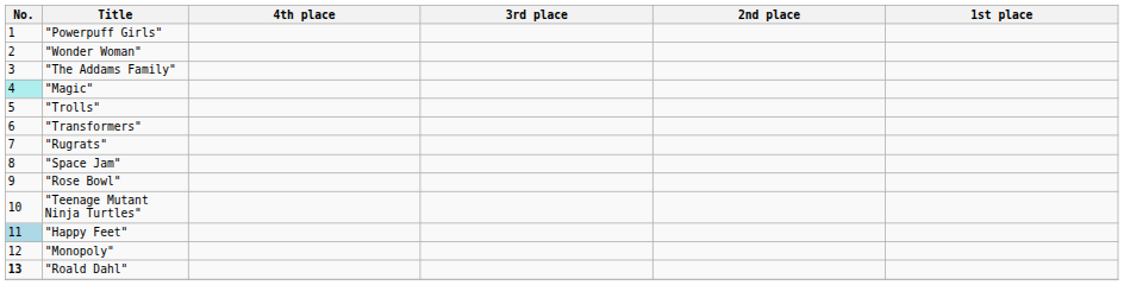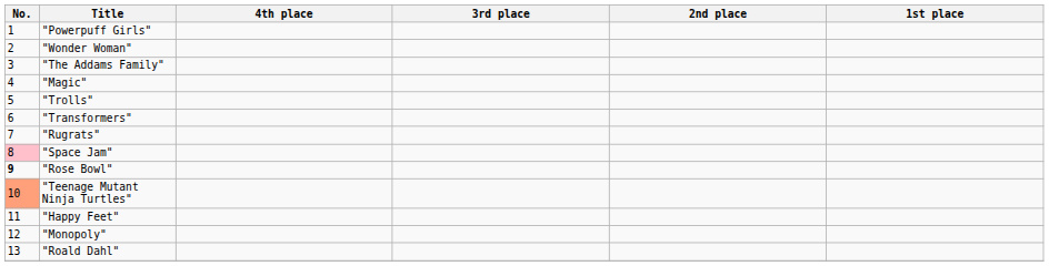 <table class="wikitable plainrowheaders" style="width:100%;">
 <tr>
 <th width=2%>No.</th>
 <th width=8%>Title</th>
 <th width=14%>4th place</th>
 <th width=14%>3rd place</th>
 <th width=14%>2nd place</th>
 <th width=14%>1st place</th>
 </tr>
 <tr>
 <td>1</td>
 <td>"Powerpuff Girls"</td>
 <td></td>
 <td></td>
 <td></td>
 <td></td>
 </tr>
 <tr>
 <td>2</td>
 <td>"Wonder Woman"</td>
 <td></td>
 <td></td>
 <td></td>
 <td></td>
 </tr>
 <tr>
 <td>3</td>
 <td>"The Addams Family"</td>
 <td></td>
 <td></td>
 <td></td>
 <td></td>
 </tr>
 <tr>
-<td style="background: paleturquoise;">4</td>
+<td>4</td>
 <td>"Magic"</td>
 <td></td>
 <td></td>
 <td></td>
 <td></td>
 </tr>
 <tr>
 <td>5</td>
 <td>"Trolls"</td>
 <td></td>
 <td></td>
 <td></td>
 <td></td>
 </tr>
 <tr>
 <td>6</td>
 <td>"Transformers"</td>
 <td></td>
 <td></td>
 <td></td>
 <td></td>
 </tr>
 <tr>
 <td>7</td>
 <td>"Rugrats"</td>
 <td></td>
 <td></td>
 <td></td>
 <td></td>
 </tr>
 <tr>
-<td>8</td>
+<td style="background: pink;">8</td>
 <td>"Space Jam"</td>
 <td></td>
 <td></td>
 <td></td>
 <td></td>
 </tr>
 <tr>
-<td>9</td>
+<td><strong>9</strong></td>
 <td>"Rose Bowl"</td>
 <td></td>
 <td></td>
 <td></td>
 <td></td>
 </tr>
 <tr>
-<td>10</td>
+<td style="background: lightsalmon;">10</td>
 <td>"Teenage Mutant Ninja Turtles"</td>
 <td></td>
 <td></td>
 <td></td>
 <td></td>
 </tr>
 <tr>
-<td style="background: lightblue;">11</td>
+<td>11</td>
 <td>"Happy Feet"</td>
 <td></td>
 <td></td>
 <td></td>
 <td></td>
 </tr>
 <tr>
 <td>12</td>
 <td>"Monopoly"</td>
 <td></td>
 <td></td>
 <td></td>
 <td></td>
 </tr>
 <tr>
-<td><strong>13</strong></td>
+<td>13</td>
 <td>"Roald Dahl"</td>
 <td></td>
 <td></td>
 <td></td>
 <td></td>
 </tr>
 <tr>
 </tr>
 </table>
